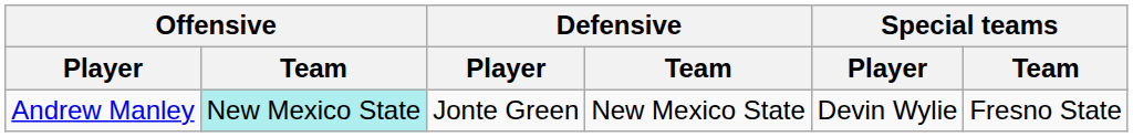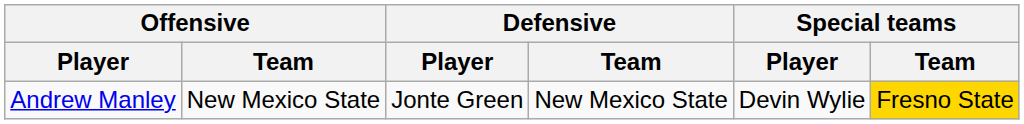 <table class="wikitable">
 <tr>
 <th colspan="2">Offensive</th>
 <th colspan="2">Defensive</th>
 <th colspan="2">Special teams</th>
 </tr>
 <tr>
 <th>Player</th>
 <th>Team</th>
 <th>Player</th>
 <th>Team</th>
 <th>Player</th>
 <th>Team</th>
 </tr>
 <tr>
 <td><a href='#'>Andrew Manley</a></td>
-<td style="background: paleturquoise;">New Mexico State</td>
+<td>New Mexico State</td>
 <td>Jonte Green</td>
 <td>New Mexico State</td>
 <td>Devin Wylie</td>
-<td>Fresno State</td>
+<td style="background: gold;">Fresno State</td>
 </tr>
 </table>
